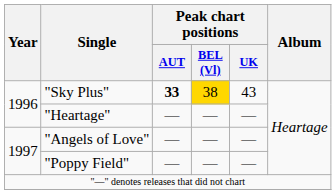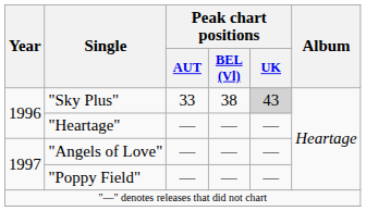 <table class="wikitable" style="text-align:center;">
 <tr>
 <th rowspan="2">Year</th>
 <th rowspan="2">Single</th>
 <th colspan="3">Peak chart positions</th>
 <th rowspan="2">Album</th>
 </tr>
 <tr style="font-size:smaller;">
 <th width="35"><a href='#'>AUT</a><br></th>
 <th width="35"><a href='#'>BEL<br>(Vl)</a><br></th>
 <th width="35"><a href='#'>UK</a><br></th>
 </tr>
 <tr>
 <td rowspan=2>1996</td>
 <td align="left">"Sky Plus"</td>
-<td><strong>33</strong></td>
-<td style="background: gold;">38</td>
-<td>43</td>
+<td>33</td>
+<td>38</td>
+<td style="background: lightgrey;">43</td>
 <td align="left" rowspan="4"><em>Heartage</em></td>
 </tr>
 <tr>
 <td align="left">"Heartage"</td>
 <td>—</td>
 <td>—</td>
 <td>—</td>
 </tr>
 <tr>
 <td rowspan=2>1997</td>
 <td align="left">"Angels of Love"</td>
 <td>—</td>
 <td>—</td>
 <td>—</td>
 </tr>
 <tr>
 <td align="left">"Poppy Field"</td>
 <td>—</td>
 <td>—</td>
 <td>—</td>
 </tr>
 <tr>
 <td colspan="15" style="font-size:8pt">"—" denotes releases that did not chart</td>
 </tr>
 <tr>
 </tr>
 </table>
